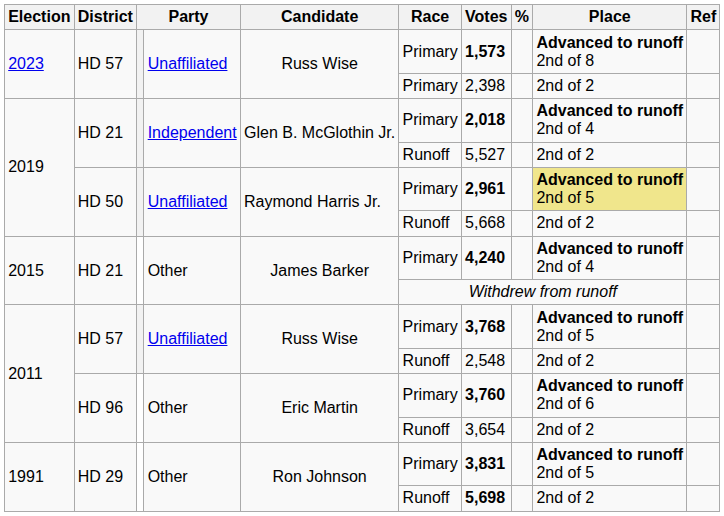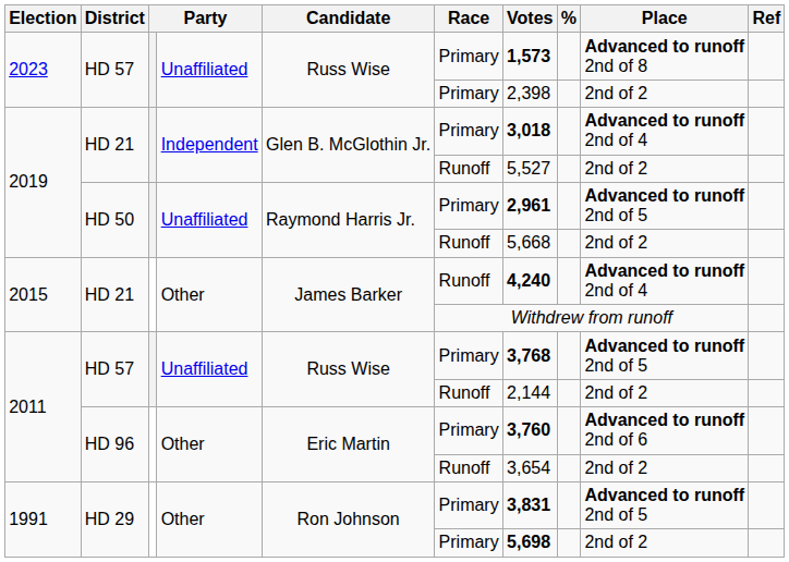 <table class="wikitable sortable">
 <tr>
 <th>Election</th>
 <th>District</th>
 <th colspan=2>Party</th>
 <th>Candidate</th>
 <th>Race</th>
 <th>Votes</th>
 <th>%</th>
 <th>Place</th>
 <th>Ref</th>
 </tr>
 <tr>
 <td rowspan=2><a href='#'>2023</a></td>
 <td rowspan=2>HD 57</td>
 <th rowspan=2 style="background-color:"></th>
 <td rowspan=2><a href='#'>Unaffiliated</a></td>
 <td rowspan=2 align="center">Russ Wise</td>
 <td>Primary</td>
 <td><strong>1,573</strong></td>
 <td></td>
 <td><strong>Advanced to runoff</strong><br>2nd of 8</td>
 <td></td>
 </tr>
 <tr>
 <td>Primary</td>
 <td>2,398</td>
 <td></td>
 <td>2nd of 2</td>
 <td></td>
 </tr>
 <tr>
 <td rowspan=4>2019</td>
 <td rowspan=2>HD 21</td>
 <th rowspan=2 style="background-color:"></th>
 <td rowspan=2><a href='#'>Independent</a></td>
 <td rowspan=2 align="center">Glen B. McGlothin Jr.</td>
 <td>Primary</td>
-<td><strong>2,018</strong></td>
+<td><strong>3,018</strong></td>
 <td></td>
 <td><strong>Advanced to runoff</strong><br>2nd of 4</td>
 <td></td>
 </tr>
 <tr>
 <td>Runoff</td>
 <td>5,527</td>
 <td></td>
 <td>2nd of 2</td>
 <td></td>
 </tr>
 <tr>
 <td rowspan=2>HD 50</td>
 <th rowspan=2 style="background-color:"></th>
 <td rowspan=2><a href='#'>Unaffiliated</a></td>
 <td rowspan=2>Raymond Harris Jr.</td>
 <td>Primary</td>
 <td><strong>2,961</strong></td>
 <td></td>
-<td style="background: khaki;"><strong>Advanced to runoff</strong><br>2nd of 5</td>
+<td><strong>Advanced to runoff</strong><br>2nd of 5</td>
 <td></td>
 </tr>
 <tr>
 <td>Runoff</td>
 <td>5,668</td>
 <td></td>
 <td>2nd of 2</td>
 <td></td>
 </tr>
 <tr>
 <td rowspan=2>2015</td>
 <td rowspan=2>HD 21</td>
 <th rowspan=2 style="background-color:#ffffff"></th>
 <td rowspan=2>Other</td>
 <td rowspan=2 align="center">James Barker</td>
-<td>Primary</td>
+<td>Runoff</td>
 <td><strong>4,240</strong></td>
 <td></td>
 <td><strong>Advanced to runoff</strong><br>2nd of 4</td>
 <td></td>
 </tr>
 <tr>
 <td style="text-align:center" colspan=4><em>Withdrew from runoff</em></td>
 <td></td>
 </tr>
 <tr>
 <td rowspan=4>2011</td>
 <td rowspan=2>HD 57</td>
 <th rowspan=2 style="background-color:"></th>
 <td rowspan=2><a href='#'>Unaffiliated</a></td>
 <td rowspan=2 align="center">Russ Wise</td>
 <td>Primary</td>
 <td><strong>3,768</strong></td>
 <td></td>
 <td><strong>Advanced to runoff</strong><br>2nd of 5</td>
 <td></td>
 </tr>
 <tr>
 <td>Runoff</td>
-<td>2,548</td>
+<td>2,144</td>
 <td></td>
 <td>2nd of 2</td>
 <td></td>
 </tr>
 <tr>
 <td rowspan=2>HD 96</td>
 <th rowspan=2 style="background-color:#ffffff"></th>
 <td rowspan=2>Other</td>
 <td rowspan=2 align="center">Eric Martin</td>
 <td>Primary</td>
 <td><strong>3,760</strong></td>
 <td></td>
 <td><strong>Advanced to runoff</strong><br>2nd of 6</td>
 <td></td>
 </tr>
 <tr>
 <td>Runoff</td>
 <td>3,654</td>
 <td></td>
 <td>2nd of 2</td>
 <td></td>
 </tr>
 <tr>
 <td rowspan=2>1991</td>
 <td rowspan=2>HD 29</td>
 <th rowspan=2 style="background-color:#ffffff"></th>
 <td rowspan=2>Other</td>
 <td rowspan=2 align="center">Ron Johnson</td>
 <td>Primary</td>
 <td><strong>3,831</strong></td>
 <td></td>
 <td><strong>Advanced to runoff</strong><br>2nd of 5</td>
 <td></td>
 </tr>
 <tr>
-<td>Runoff</td>
+<td>Primary</td>
 <td><strong>5,698</strong></td>
 <td></td>
 <td>2nd of 2</td>
 <td></td>
 </tr>
 </table>
